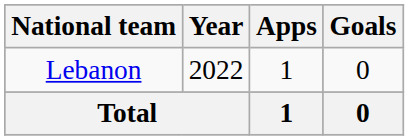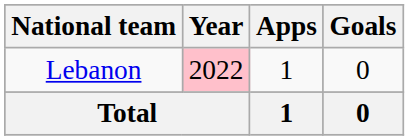 <table class="wikitable" style="text-align:center">
 <tr>
 <th>National team</th>
 <th>Year</th>
 <th>Apps</th>
 <th>Goals</th>
 </tr>
 <tr>
 <td rowspan="1"><a href='#'>Lebanon</a></td>
-<td>2022</td>
+<td style="background: pink;">2022</td>
 <td>1</td>
 <td>0</td>
 </tr>
 <tr>
 <th colspan="2">Total</th>
 <th>1</th>
 <th>0</th>
 </tr>
 </table>
